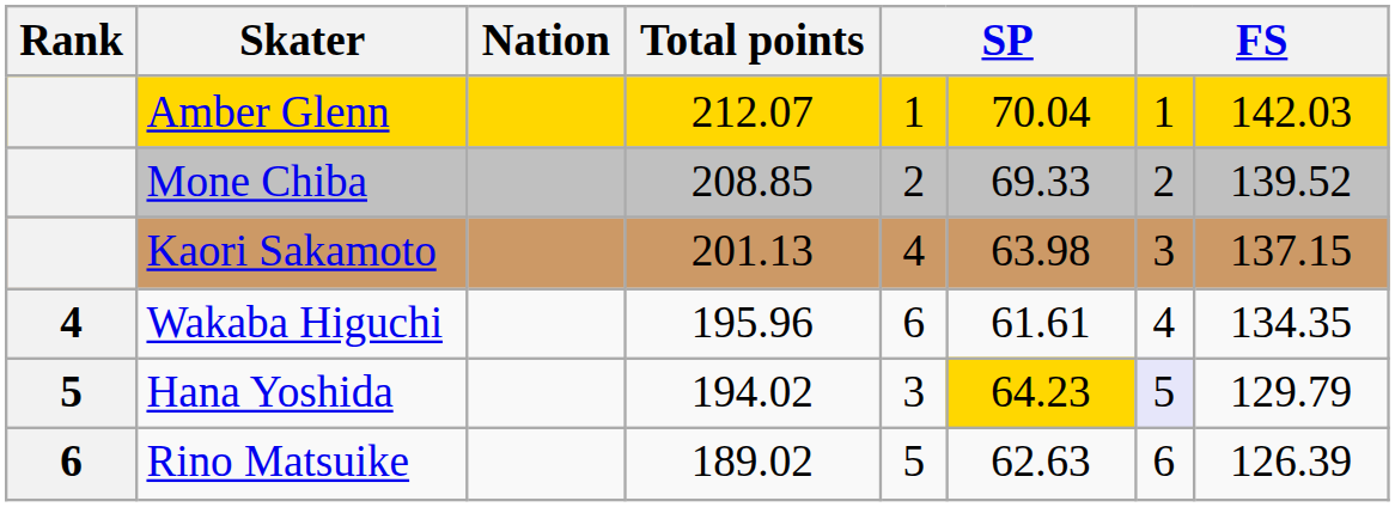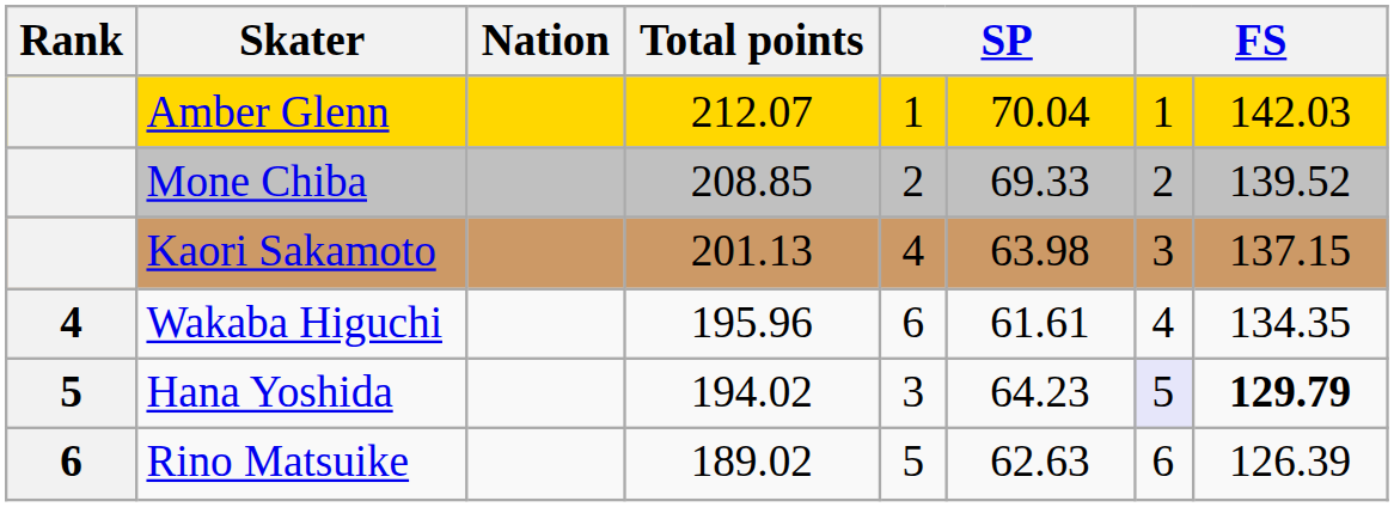 <table class="wikitable sortable" style="text-align:center;" width="80%">
 <tr>
 <th scope="col">Rank</th>
 <th scope="col">Skater</th>
 <th scope="col">Nation</th>
 <th scope="col">Total points</th>
 <th scope="col" colspan="2" width="80px"><a href='#'>SP</a></th>
 <th scope="col" colspan="2" width="80px"><a href='#'>FS</a></th>
 </tr>
 <tr bgcolor="gold">
 <th scope="row"></th>
 <td align="left"><a href='#'>Amber Glenn</a></td>
 <td align="left"></td>
 <td>212.07</td>
 <td>1</td>
 <td>70.04</td>
 <td>1</td>
 <td>142.03</td>
 </tr>
 <tr bgcolor="silver">
 <th scope="row"></th>
 <td align="left"><a href='#'>Mone Chiba</a></td>
 <td align="left"></td>
 <td>208.85</td>
 <td>2</td>
 <td>69.33</td>
 <td>2</td>
 <td>139.52</td>
 </tr>
 <tr bgcolor="cc9966">
 <th scope="row"></th>
 <td align="left"><a href='#'>Kaori Sakamoto</a></td>
 <td align="left"></td>
 <td>201.13</td>
 <td>4</td>
 <td>63.98</td>
 <td>3</td>
 <td>137.15</td>
 </tr>
 <tr>
 <th scope="row">4</th>
 <td align="left"><a href='#'>Wakaba Higuchi</a></td>
 <td align="left"></td>
 <td>195.96</td>
 <td>6</td>
 <td>61.61</td>
 <td>4</td>
 <td>134.35</td>
 </tr>
 <tr>
 <th scope="row">5</th>
 <td align="left"><a href='#'>Hana Yoshida</a></td>
 <td align="left"></td>
 <td>194.02</td>
 <td>3</td>
-<td style="background: gold;">64.23</td>
+<td>64.23</td>
 <td style="background: lavender;">5</td>
-<td>129.79</td>
+<td><strong>129.79</strong></td>
 </tr>
 <tr>
 <th scope="row">6</th>
 <td align="left"><a href='#'>Rino Matsuike</a></td>
 <td align="left"></td>
 <td>189.02</td>
 <td>5</td>
 <td>62.63</td>
 <td>6</td>
 <td>126.39</td>
 </tr>
 </table>
